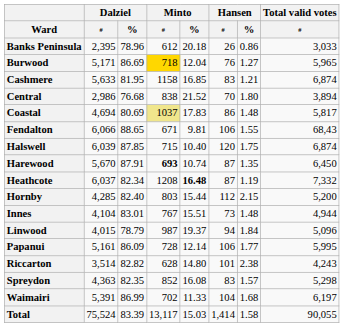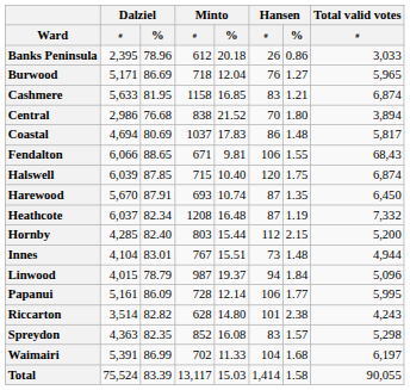 <table class="wikitable sortable" style="text-align:right;">
 <tr>
 <th></th>
 <th scope="col" align=center colspan=2>Dalziel</th>
 <th scope="col" align=center colspan=2>Minto</th>
 <th scope="col" align=center colspan=2>Hansen</th>
 <th scope="col" align=center colspan=2>Total valid votes</th>
 </tr>
 <tr>
 <th scope="col" align=center>Ward</th>
 <th scope="col" style="text-align:center; font-size: 60%" data-sort-type="number">#</th>
 <th scope="col" align=center data-sort-type="number">%</th>
 <th scope="col" style="text-align:center; font-size: 60%" data-sort-type="number">#</th>
 <th scope="col" align=center data-sort-type="number">%</th>
 <th scope="col" style="text-align:center; font-size: 60%" data-sort-type="number">#</th>
 <th scope="col" align=center data-sort-type="number">%</th>
 <th scope="col" style="text-align:center; font-size: 60%" data-sort-type="number">#</th>
 </tr>
 <tr>
 <th scope="row" style="text-align:left;">Banks Peninsula</th>
 <td>2,395</td>
 <td>78.96</td>
 <td>612</td>
 <td>20.18</td>
 <td>26</td>
 <td>0.86</td>
 <td>3,033</td>
 </tr>
 <tr>
 <th scope="row" style="text-align:left;">Burwood</th>
 <td>5,171</td>
 <td>86.69</td>
-<td style="background: gold;">718</td>
+<td>718</td>
 <td>12.04</td>
 <td>76</td>
 <td>1.27</td>
 <td>5,965</td>
 </tr>
 <tr>
 <th scope="row" style="text-align:left;">Cashmere</th>
 <td>5,633</td>
 <td>81.95</td>
 <td>1158</td>
 <td>16.85</td>
 <td>83</td>
 <td>1.21</td>
 <td>6,874</td>
 </tr>
 <tr>
 <th scope="row" style="text-align:left;">Central</th>
 <td>2,986</td>
 <td>76.68</td>
 <td>838</td>
 <td>21.52</td>
 <td>70</td>
 <td>1.80</td>
 <td>3,894</td>
 </tr>
 <tr>
 <th scope="row" style="text-align:left;">Coastal</th>
 <td>4,694</td>
 <td>80.69</td>
-<td style="background: khaki;">1037</td>
+<td>1037</td>
 <td>17.83</td>
 <td>86</td>
 <td>1.48</td>
 <td>5,817</td>
 </tr>
 <tr>
 <th scope="row" style="text-align:left;">Fendalton</th>
 <td>6,066</td>
 <td>88.65</td>
 <td>671</td>
 <td>9.81</td>
 <td>106</td>
 <td>1.55</td>
 <td>68,43</td>
 </tr>
 <tr>
 <th scope="row" style="text-align:left;">Halswell</th>
 <td>6,039</td>
 <td>87.85</td>
 <td>715</td>
 <td>10.40</td>
 <td>120</td>
 <td>1.75</td>
 <td>6,874</td>
 </tr>
 <tr>
 <th scope="row" style="text-align:left;">Harewood</th>
 <td>5,670</td>
 <td>87.91</td>
-<td><strong>693</strong></td>
+<td>693</td>
 <td>10.74</td>
 <td>87</td>
 <td>1.35</td>
 <td>6,450</td>
 </tr>
 <tr>
 <th scope="row" style="text-align:left;">Heathcote</th>
 <td>6,037</td>
 <td>82.34</td>
 <td>1208</td>
-<td><strong>16.48</strong></td>
+<td>16.48</td>
 <td>87</td>
 <td>1.19</td>
 <td>7,332</td>
 </tr>
 <tr>
 <th scope="row" style="text-align:left;">Hornby</th>
 <td>4,285</td>
 <td>82.40</td>
 <td>803</td>
 <td>15.44</td>
 <td>112</td>
 <td>2.15</td>
 <td>5,200</td>
 </tr>
 <tr>
 <th scope="row" style="text-align:left;">Innes</th>
 <td>4,104</td>
 <td>83.01</td>
 <td>767</td>
 <td>15.51</td>
 <td>73</td>
 <td>1.48</td>
 <td>4,944</td>
 </tr>
 <tr>
 <th scope="row" style="text-align:left;">Linwood</th>
 <td>4,015</td>
 <td>78.79</td>
 <td>987</td>
 <td>19.37</td>
 <td>94</td>
 <td>1.84</td>
 <td>5,096</td>
 </tr>
 <tr>
 <th scope="row" style="text-align:left;">Papanui</th>
 <td>5,161</td>
 <td>86.09</td>
 <td>728</td>
 <td>12.14</td>
 <td>106</td>
 <td>1.77</td>
 <td>5,995</td>
 </tr>
 <tr>
 <th scope="row" style="text-align:left;">Riccarton</th>
 <td>3,514</td>
 <td>82.82</td>
 <td>628</td>
 <td>14.80</td>
 <td>101</td>
 <td>2.38</td>
 <td>4,243</td>
 </tr>
 <tr>
 <th scope="row" style="text-align:left;">Spreydon</th>
 <td>4,363</td>
 <td>82.35</td>
 <td>852</td>
 <td>16.08</td>
 <td>83</td>
 <td>1.57</td>
 <td>5,298</td>
 </tr>
 <tr>
 <th scope="row" style="text-align:left;">Waimairi</th>
 <td>5,391</td>
 <td>86.99</td>
 <td>702</td>
 <td>11.33</td>
 <td>104</td>
 <td>1.68</td>
 <td>6,197</td>
 </tr>
 <tr>
 <th scope="row" style="text-align:left;" data-sort-value="Z">Total</th>
 <td data-sort-value="Z">75,524</td>
 <td>83.39</td>
 <td>13,117</td>
 <td>15.03</td>
 <td>1,414</td>
 <td>1.58</td>
 <td>90,055</td>
 </tr>
 </table>
